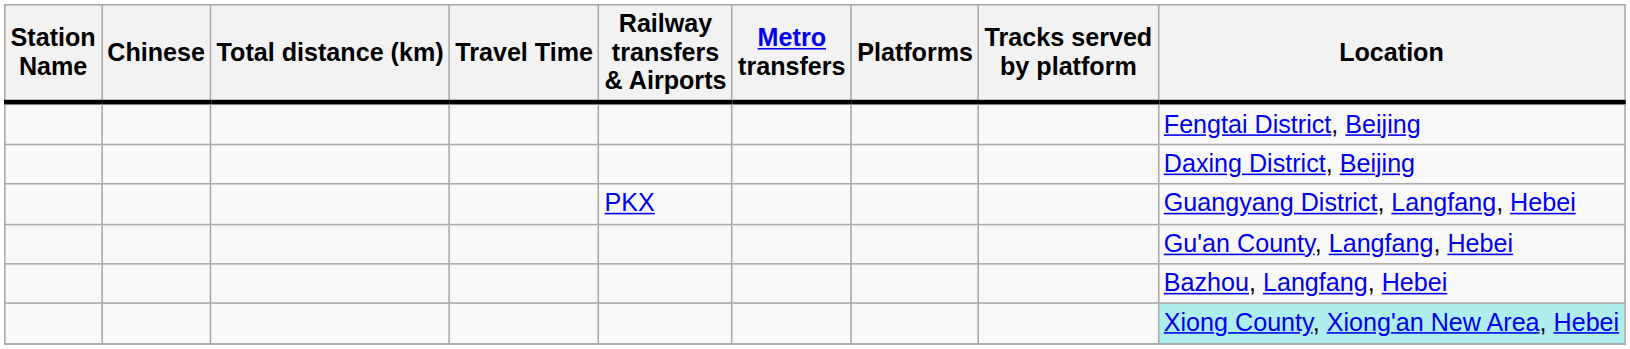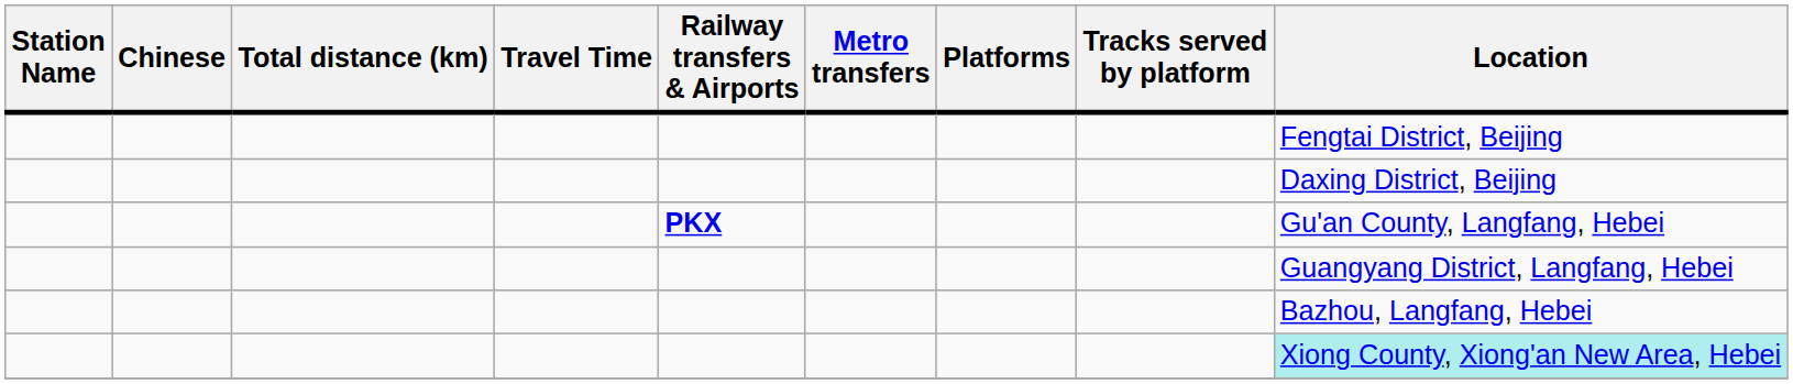 <table class="wikitable">
 <tr>
 <th style="border-bottom:3px solid black;">Station<br>Name</th>
 <th style="border-bottom:3px solid black;">Chinese</th>
 <th style="border-bottom:3px solid black;">Total distance (km)</th>
 <th style="border-bottom:3px solid black;">Travel Time</th>
 <th style="border-bottom:3px solid black;">Railway<br>transfers<br>& Airports</th>
 <th style="border-bottom:3px solid black;"><a href='#'>Metro</a><br>transfers</th>
 <th style="border-bottom:3px solid black;">Platforms</th>
 <th style="border-bottom:3px solid black;">Tracks served<br>by platform</th>
 <th style="border-bottom:3px solid black;">Location</th>
 </tr>
 <tr>
 <td><br></td>
 <td></td>
 <td align=right></td>
 <td align=right></td>
 <td></td>
 <td>  </td>
 <td></td>
 <td></td>
 <td><a href='#'>Fengtai District</a>, <a href='#'>Beijing</a><br></td>
 </tr>
 <tr>
 <td></td>
 <td></td>
 <td align=right></td>
 <td></td>
 <td align=right></td>
 <td> </td>
 <td></td>
 <td></td>
 <td><a href='#'>Daxing District</a>, <a href='#'>Beijing</a></td>
 </tr>
 <tr>
 <td></td>
 <td></td>
 <td align=right></td>
 <td align=right></td>
-<td> <a href='#'>PKX</a></td>
+<td><strong> <a href='#'>PKX</a></strong></td>
 <td></td>
 <td></td>
 <td></td>
-<td><a href='#'>Guangyang District</a>, <a href='#'>Langfang</a>, <a href='#'>Hebei</a></td>
+<td><a href='#'>Gu'an County</a>, <a href='#'>Langfang</a>, <a href='#'>Hebei</a></td>
 </tr>
 <tr>
 <td><br></td>
 <td></td>
 <td></td>
 <td align=right></td>
 <td align=right></td>
 <td></td>
 <td></td>
 <td></td>
-<td><a href='#'>Gu'an County</a>, <a href='#'>Langfang</a>, <a href='#'>Hebei</a></td>
+<td><a href='#'>Guangyang District</a>, <a href='#'>Langfang</a>, <a href='#'>Hebei</a></td>
 </tr>
 <tr>
 <td><br></td>
 <td></td>
 <td></td>
 <td align=right></td>
 <td align=right></td>
 <td></td>
 <td></td>
 <td></td>
 <td><a href='#'>Bazhou</a>, <a href='#'>Langfang</a>, <a href='#'>Hebei</a></td>
 </tr>
 <tr>
 <td></td>
 <td></td>
 <td></td>
 <td align=right></td>
 <td align=right></td>
 <td></td>
 <td></td>
 <td></td>
 <td style="background: paleturquoise;"><a href='#'>Xiong County</a>, <a href='#'>Xiong'an New Area</a>, <a href='#'>Hebei</a></td>
 </tr>
 <tr>
 </tr>
 </table>
